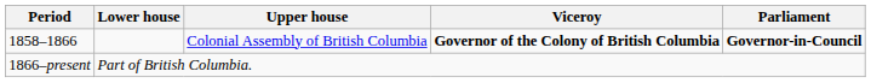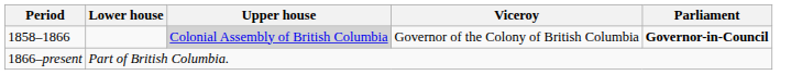 <table class="wikitable">
 <tr>
 <th>Period</th>
 <th>Lower house</th>
 <th>Upper house</th>
 <th>Viceroy</th>
 <th>Parliament</th>
 </tr>
 <tr>
 <td>1858–1866</td>
 <td></td>
-<td><a href='#'>Colonial Assembly of British Columbia</a></td>
-<td><strong>Governor of the Colony of British Columbia</strong></td>
+<td style="background: lightgrey;"><a href='#'>Colonial Assembly of British Columbia</a></td>
+<td>Governor of the Colony of British Columbia</td>
 <td><strong>Governor-in-Council</strong></td>
 </tr>
 <tr>
 <td>1866–<em>present</em></td>
 <td colspan="4"><em>Part of British Columbia.</em></td>
 </tr>
 </table>
